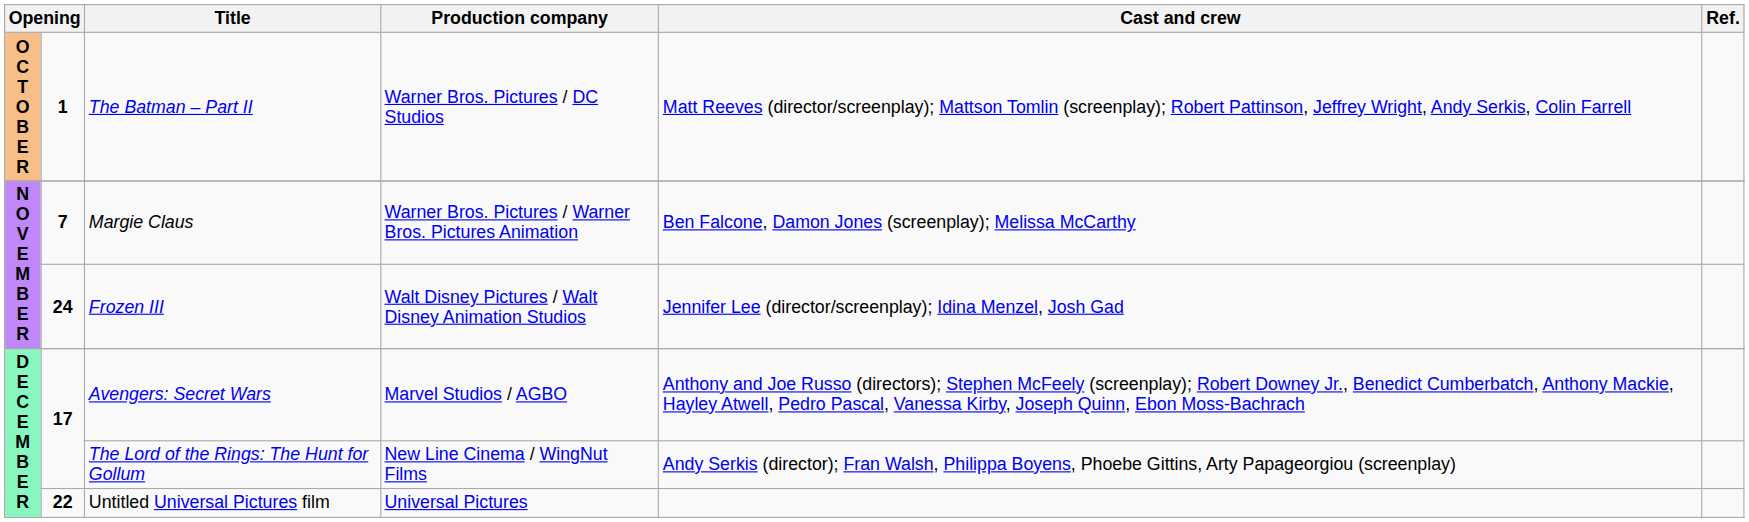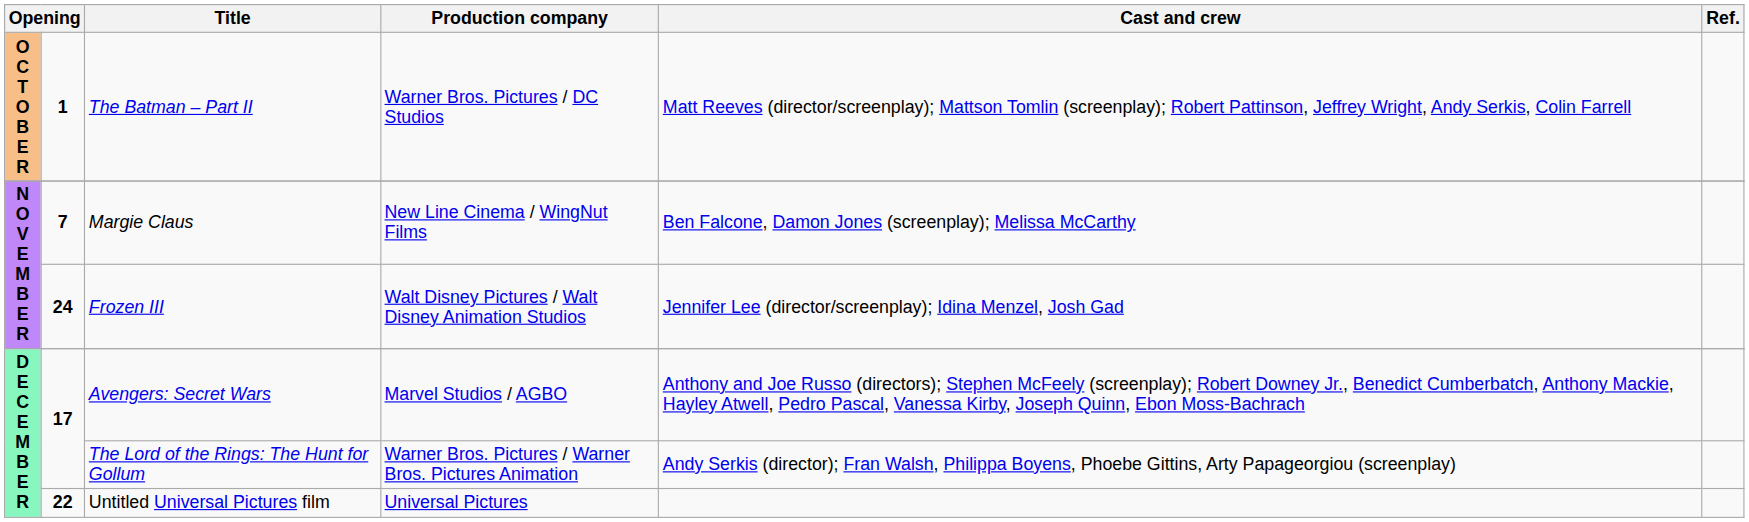 <table class="wikitable sortable">
 <tr style="background:#b0e0e6; text-align:center;">
 <th colspan="2">Opening</th>
 <th style="width:17%;">Title</th>
 <th style="width:16%;">Production company</th>
 <th>Cast and crew</th>
 <th class="unsortable">Ref.</th>
 </tr>
 <tr>
 <th rowspan="1" style="text-align:center; background:#f7bf87; textcolor:#000;">O<br>C<br>T<br>O<br>B<br>E<br>R</th>
 <td rowspan="1" style="text-align:center"><strong>1</strong></td>
 <td><a href='#'><em>The Batman – Part II</em></a></td>
 <td><a href='#'>Warner Bros. Pictures</a> / <a href='#'>DC Studios</a></td>
 <td><a href='#'>Matt Reeves</a> (director/screenplay); <a href='#'>Mattson Tomlin</a> (screenplay); <a href='#'>Robert Pattinson</a>, <a href='#'>Jeffrey Wright</a>, <a href='#'>Andy Serkis</a>, <a href='#'>Colin Farrell</a></td>
 <td style="text-align:center"></td>
 </tr>
 <tr>
 </tr>
 <tr>
 <th rowspan="2" style="text-align:center; background:#bf87f7; text color:#000;">N<br>O<br>V<br>E<br>M<br>B<br>E<br>R</th>
 <td rowspan="1" style="text-align:center"><strong>7</strong></td>
 <td><em>Margie Claus</em></td>
-<td><a href='#'>Warner Bros. Pictures</a> / <a href='#'>Warner Bros. Pictures Animation</a></td>
+<td><a href='#'>New Line Cinema</a> / <a href='#'>WingNut Films</a></td>
 <td><a href='#'>Ben Falcone</a>, <a href='#'>Damon Jones</a> (screenplay); <a href='#'>Melissa McCarthy</a></td>
 <td style="text-align:center"></td>
 </tr>
 <tr>
 <td rowspan="1" style="text-align:center;"><strong>24</strong></td>
 <td><em> <a href='#'>Frozen III</a></em></td>
 <td><a href='#'>Walt Disney Pictures</a> / <a href='#'>Walt Disney Animation Studios</a></td>
 <td><a href='#'>Jennifer Lee</a> (director/screenplay); <a href='#'>Idina Menzel</a>, <a href='#'>Josh Gad</a></td>
 <td style="text-align:center"></td>
 </tr>
 <tr>
 <th rowspan="5" style="text-align:center; background:#87f7bf; textcolor:#000;">D<br>E<br>C<br>E<br>M<br>B<br>E<br>R</th>
 </tr>
 <tr>
 <td rowspan="2" style="text-align:center"><strong>17</strong></td>
 <td><em><a href='#'>Avengers: Secret Wars</a></em></td>
 <td><a href='#'>Marvel Studios</a> / <a href='#'>AGBO</a></td>
 <td><a href='#'>Anthony and Joe Russo</a> (directors); <a href='#'>Stephen McFeely</a> (screenplay); <a href='#'>Robert Downey Jr.</a>, <a href='#'>Benedict Cumberbatch</a>, <a href='#'>Anthony Mackie</a>, <a href='#'>Hayley Atwell</a>, <a href='#'>Pedro Pascal</a>, <a href='#'>Vanessa Kirby</a>, <a href='#'>Joseph Quinn</a>, <a href='#'>Ebon Moss-Bachrach</a></td>
 <td style="text-align:center"></td>
 </tr>
 <tr>
 <td><em><a href='#'>The Lord of the Rings: The Hunt for Gollum</a></em></td>
-<td><a href='#'>New Line Cinema</a> / <a href='#'>WingNut Films</a></td>
+<td><a href='#'>Warner Bros. Pictures</a> / <a href='#'>Warner Bros. Pictures Animation</a></td>
 <td><a href='#'>Andy Serkis</a> (director); <a href='#'>Fran Walsh</a>, <a href='#'>Philippa Boyens</a>, Phoebe Gittins, Arty Papageorgiou (screenplay)</td>
 <td style="text-align:center"></td>
 </tr>
 <tr>
 <td style="text-align:center"><strong>22</strong></td>
 <td>Untitled <a href='#'>Universal Pictures</a> film</td>
 <td><a href='#'>Universal Pictures</a></td>
 <td></td>
 <td style="text-align:center"></td>
 </tr>
 </table>
